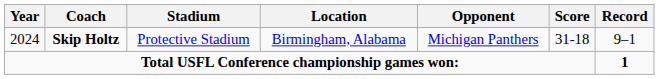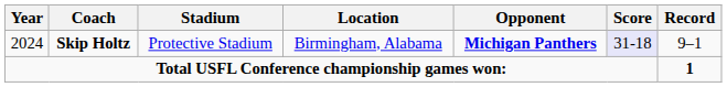 <table class="wikitable" style="width:80%;text-align:center">
 <tr>
 <th>Year</th>
 <th>Coach</th>
 <th>Stadium</th>
 <th>Location</th>
 <th>Opponent</th>
 <th>Score</th>
 <th>Record</th>
 </tr>
 <tr>
 <td>2024</td>
 <td><strong>Skip Holtz</strong></td>
 <td><a href='#'>Protective Stadium</a></td>
 <td><a href='#'>Birmingham, Alabama</a></td>
-<td><a href='#'>Michigan Panthers</a></td>
-<td>31-18</td>
+<td><strong><a href='#'>Michigan Panthers</a></strong></td>
+<td style="background: lavender;">31-18</td>
 <td>9–1</td>
 </tr>
 <tr>
 <td colspan="6"><strong>Total USFL Conference championship games won:</strong></td>
 <td><strong>1</strong></td>
 </tr>
 </table>
